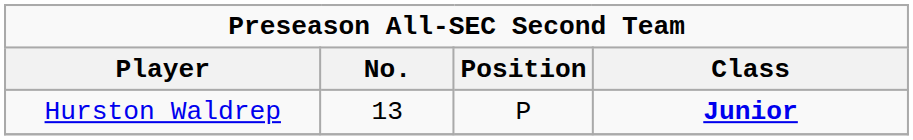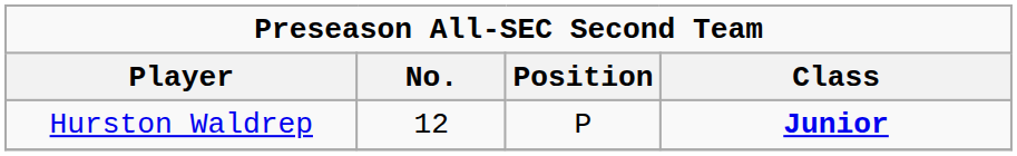 <table class="wikitable" style="text-align:center">
 <tr>
 <td colspan="5"><strong>Preseason All-SEC Second Team</strong></td>
 </tr>
 <tr>
 <th style="width:150px; ">Player</th>
 <th style="width:60px; ">No.</th>
 <th style="width:60px; ">Position</th>
 <th style="width:150px; ">Class</th>
 </tr>
 <tr>
 <td><a href='#'>Hurston Waldrep</a></td>
-<td>13</td>
+<td>12</td>
 <td>P</td>
 <td><strong><a href='#'>Junior</a></strong></td>
 </tr>
 <tr>
 </tr>
 </table>
